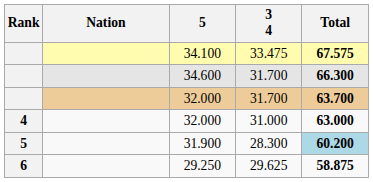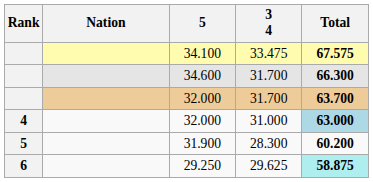 <table class="wikitable sortable" style="text-align:center; font-size:85%">
 <tr>
 <th scope="col" style="width:20px;">Rank</th>
 <th ! scope="col" style="width:120px;">Nation</th>
 <th ! scope="col" style="width:60px;">5 </th>
 <th ! scope="col" style="width:60px;">3 <br>4 </th>
 <th ! scope="col" style="width:60px;">Total</th>
 </tr>
 <tr bgcolor=fffcaf>
 <th scope=row></th>
 <td align=left></td>
 <td>34.100</td>
 <td>33.475</td>
 <td><strong>67.575</strong></td>
 </tr>
 <tr bgcolor=e5e5e5>
 <th scope=row></th>
 <td align=left></td>
 <td>34.600</td>
 <td>31.700</td>
 <td><strong>66.300</strong></td>
 </tr>
 <tr bgcolor=eecc99>
 <th scope=row></th>
 <td align=left></td>
 <td>32.000</td>
 <td>31.700</td>
 <td><strong>63.700</strong></td>
 </tr>
 <tr>
 <th scope=row>4</th>
 <td align=left></td>
 <td>32.000</td>
 <td>31.000</td>
-<td><strong>63.000</strong></td>
+<td style="background: lightblue;"><strong>63.000</strong></td>
 </tr>
 <tr>
 <th scope=row>5</th>
 <td align=left></td>
 <td>31.900</td>
 <td>28.300</td>
-<td style="background: lightblue;"><strong>60.200</strong></td>
+<td><strong>60.200</strong></td>
 </tr>
 <tr>
 <th scope=row>6</th>
 <td align=left></td>
 <td>29.250</td>
 <td>29.625</td>
-<td><strong>58.875</strong></td>
+<td style="background: paleturquoise;"><strong>58.875</strong></td>
 </tr>
 <tr>
 </tr>
 </table>
